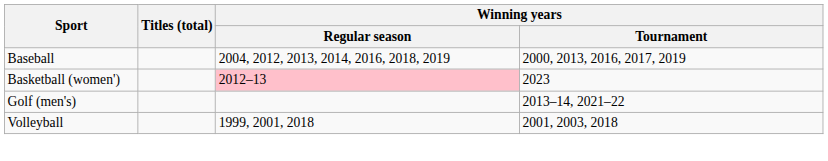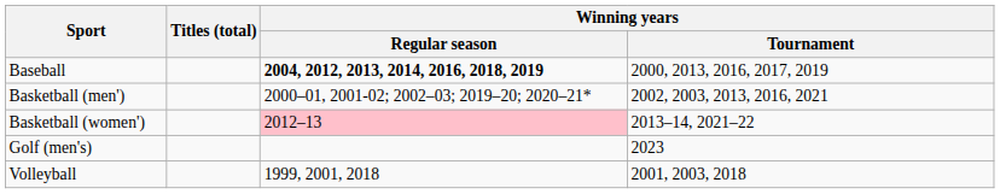 <table class="wikitable"; style= "text-align: ">
 <tr>
 <th rowspan=2 width=150px>Sport</th>
 <th rowspan=2 width=px>Titles (total)</th>
 <th colspan=2 width=px>Winning years</th>
 </tr>
 <tr>
 <th width=350px>Regular season</th>
 <th width=350px>Tournament</th>
 </tr>
 <tr>
 <td>Baseball</td>
 <td></td>
-<td>2004, 2012, 2013, 2014, 2016, 2018, 2019</td>
+<td><strong>2004, 2012, 2013, 2014, 2016, 2018, 2019</strong></td>
 <td>2000, 2013, 2016, 2017, 2019</td>
+</tr>
+<tr>
+<td>Basketball (men')</td>
+<td></td>
+<td>2000–01, 2001-02; 2002–03; 2019–20; 2020–21*</td>
+<td>2002, 2003, 2013, 2016, 2021</td>
 </tr>
 <tr>
 <td>Basketball (women')</td>
 <td></td>
 <td style="background: pink;">2012–13</td>
-<td>2023</td>
+<td>2013–14, 2021–22</td>
 </tr>
 <tr>
 <td>Golf (men's)</td>
 <td></td>
 <td></td>
-<td>2013–14, 2021–22</td>
+<td>2023</td>
 </tr>
 <tr>
 <td>Volleyball</td>
 <td></td>
 <td>1999, 2001, 2018</td>
 <td>2001, 2003, 2018</td>
 </tr>
 </table>
